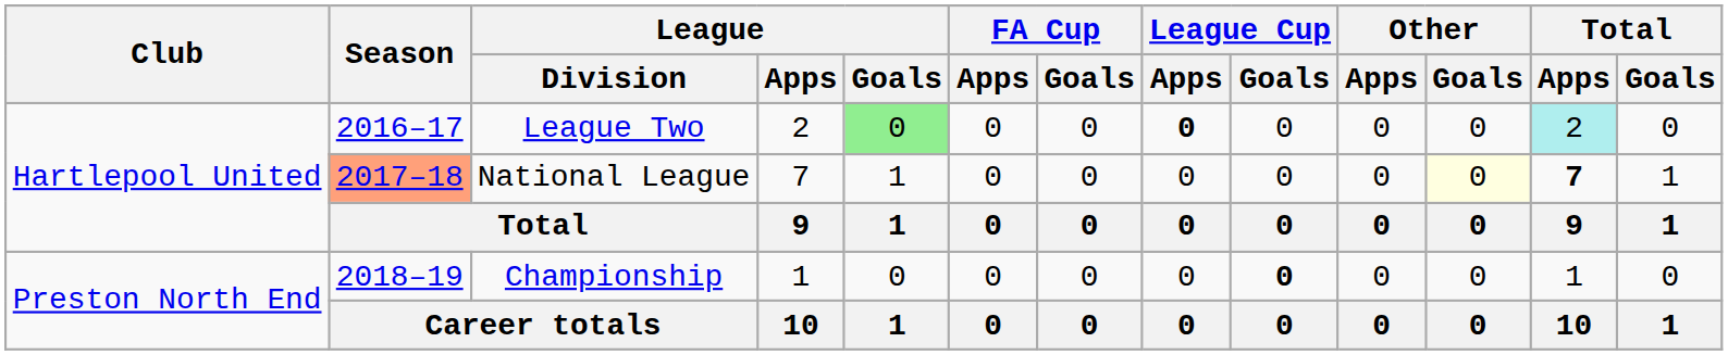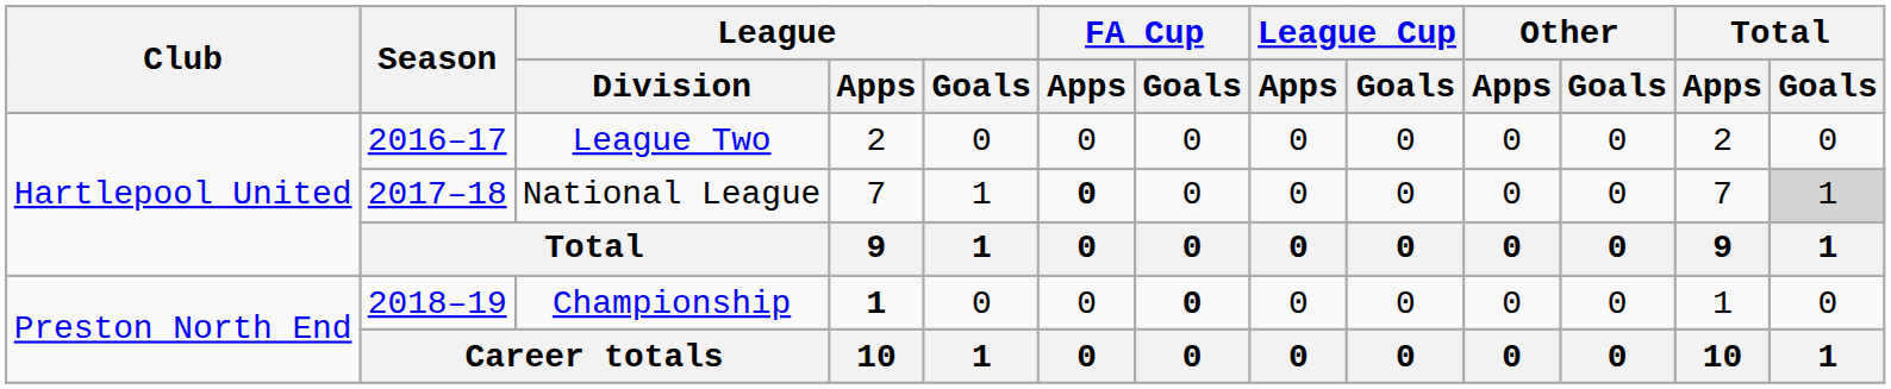 <table class="wikitable" style="text-align: center">
 <tr>
 <th rowspan="2">Club</th>
 <th rowspan="2">Season</th>
 <th colspan="3">League</th>
 <th colspan="2"><a href='#'>FA Cup</a></th>
 <th colspan="2"><a href='#'>League Cup</a></th>
 <th colspan="2">Other</th>
 <th colspan="2">Total</th>
 </tr>
 <tr>
 <th>Division</th>
 <th>Apps</th>
 <th>Goals</th>
 <th>Apps</th>
 <th>Goals</th>
 <th>Apps</th>
 <th>Goals</th>
 <th>Apps</th>
 <th>Goals</th>
 <th>Apps</th>
 <th>Goals</th>
 </tr>
 <tr>
 <td rowspan="3"><a href='#'>Hartlepool United</a></td>
 <td><a href='#'>2016–17</a></td>
 <td><a href='#'>League Two</a></td>
 <td>2</td>
-<td style="background: lightgreen;">0</td>
-<td>0</td>
-<td>0</td>
-<td><strong>0</strong></td>
-<td>0</td>
-<td>0</td>
-<td>0</td>
-<td style="background: paleturquoise;">2</td>
-<td>0</td>
-</tr>
-<tr>
-<td style="background: lightsalmon;"><a href='#'>2017–18</a></td>
-<td>National League</td>
-<td>7</td>
-<td>1</td>
 <td>0</td>
 <td>0</td>
 <td>0</td>
 <td>0</td>
 <td>0</td>
-<td style="background: lightyellow;">0</td>
-<td><strong>7</strong></td>
+<td>0</td>
+<td>0</td>
+<td>2</td>
+<td>0</td>
+</tr>
+<tr>
+<td><a href='#'>2017–18</a></td>
+<td>National League</td>
+<td>7</td>
 <td>1</td>
+<td><strong>0</strong></td>
+<td>0</td>
+<td>0</td>
+<td>0</td>
+<td>0</td>
+<td>0</td>
+<td>7</td>
+<td style="background: lightgrey;">1</td>
 </tr>
 <tr>
 <th colspan="2">Total</th>
 <th>9</th>
 <th>1</th>
 <th>0</th>
 <th>0</th>
 <th>0</th>
 <th>0</th>
 <th>0</th>
 <th>0</th>
 <th>9</th>
 <th>1</th>
 </tr>
 <tr>
 <td rowspan="3"><a href='#'>Preston North End</a></td>
 <td><a href='#'>2018–19</a></td>
 <td><a href='#'>Championship</a></td>
-<td>1</td>
-<td>0</td>
-<td>0</td>
+<td><strong>1</strong></td>
 <td>0</td>
 <td>0</td>
 <td><strong>0</strong></td>
+<td>0</td>
+<td>0</td>
 <td>0</td>
 <td>0</td>
 <td>1</td>
 <td>0</td>
 </tr>
 <tr>
 <th colspan="2">Career totals</th>
 <th>10</th>
 <th>1</th>
 <th>0</th>
 <th>0</th>
 <th>0</th>
 <th>0</th>
 <th>0</th>
 <th>0</th>
 <th>10</th>
 <th>1</th>
 </tr>
 </table>
